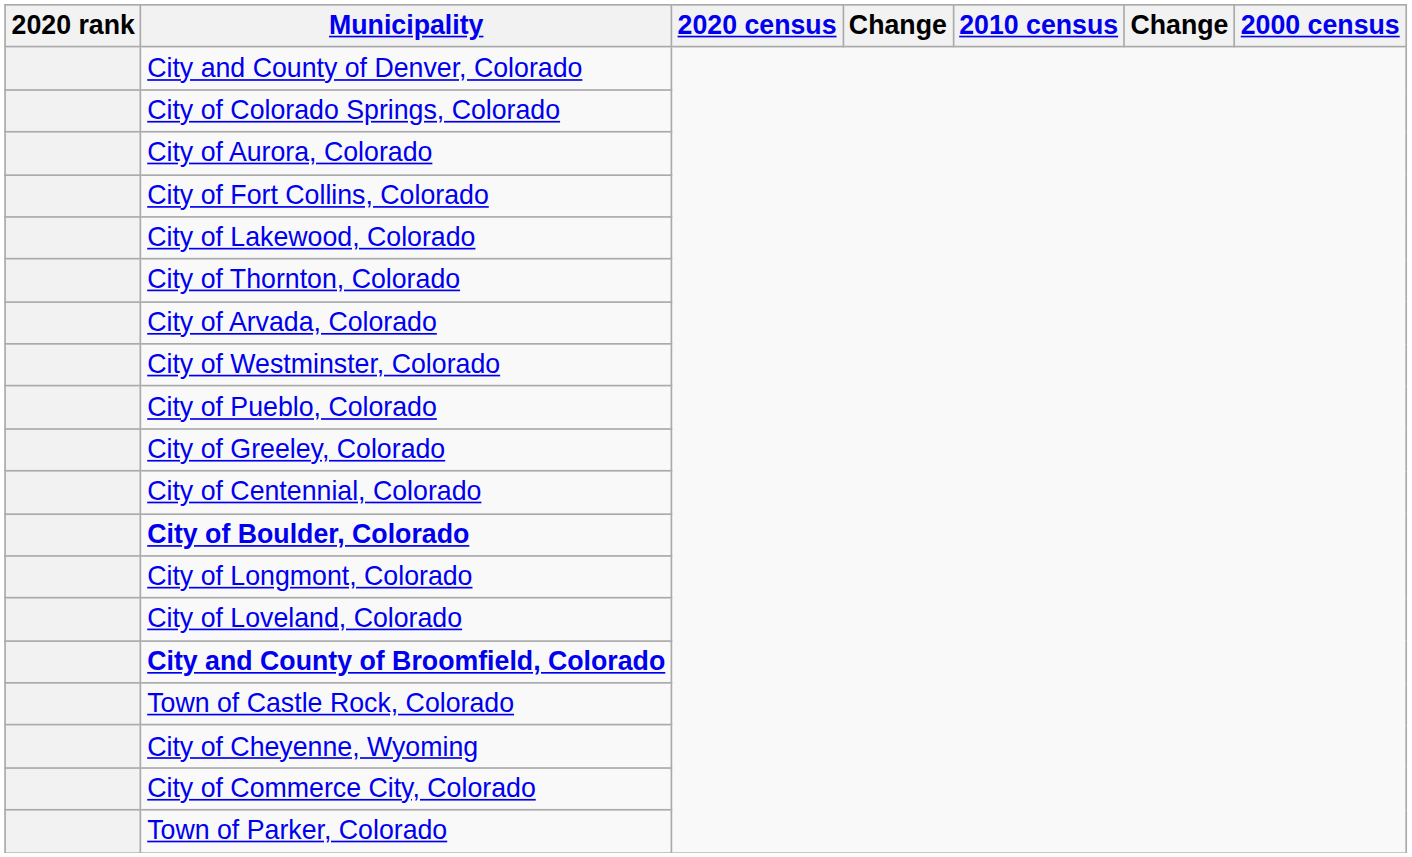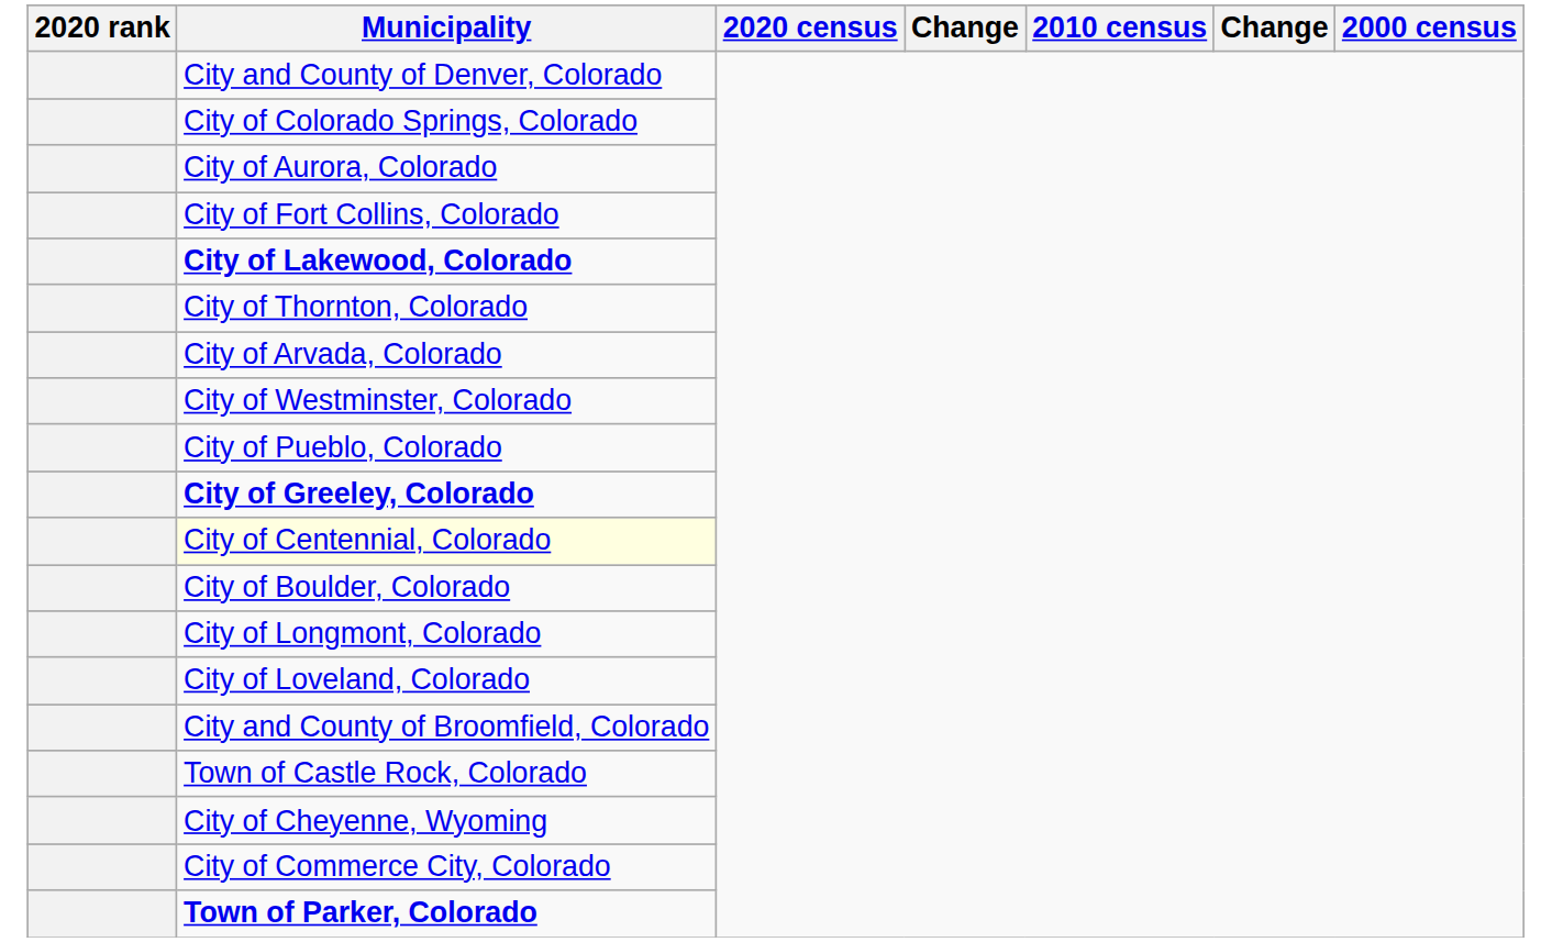 <table class="wikitable sortable" style="margin: 1em auto;">
 <tr>
 <th scope=col>2020 rank</th>
 <th scope=col><a href='#'>Municipality</a></th>
 <th scope=col><a href='#'>2020 census</a></th>
 <th scope=col>Change</th>
 <th scope=col><a href='#'>2010 census</a></th>
 <th scope=col>Change</th>
 <th scope=col><a href='#'>2000 census</a></th>
 </tr>
 <tr>
 <th scope=row></th>
 <td data-sort-value=DEN><a href='#'>City and County of Denver, Colorado</a><br></td>
 </tr>
 <tr>
 <th scope=row></th>
 <td data-sort-value=COL><a href='#'>City of Colorado Springs, Colorado</a><br></td>
 </tr>
 <tr>
 <th scope=row></th>
 <td data-sort-value=AUR><a href='#'>City of Aurora, Colorado</a><br></td>
 </tr>
 <tr>
 <th scope=row></th>
 <td data-sort-value=FOR><a href='#'>City of Fort Collins, Colorado</a><br></td>
 </tr>
 <tr>
 <th scope=row></th>
-<td data-sort-value=LAK><a href='#'>City of Lakewood, Colorado</a><br></td>
+<td data-sort-value=LAK><strong><a href='#'>City of Lakewood, Colorado</a><br></strong></td>
 </tr>
 <tr>
 <th scope=row></th>
 <td data-sort-value=THO><a href='#'>City of Thornton, Colorado</a><br></td>
 </tr>
 <tr>
 <th scope=row></th>
 <td data-sort-value=ARV><a href='#'>City of Arvada, Colorado</a><br></td>
 </tr>
 <tr>
 <th scope=row></th>
 <td data-sort-value=WES><a href='#'>City of Westminster, Colorado</a><br></td>
 </tr>
 <tr>
 <th scope=row></th>
 <td data-sort-value=PUE><a href='#'>City of Pueblo, Colorado</a><br></td>
 </tr>
 <tr>
 <th scope=row></th>
-<td data-sort-value=GRE><a href='#'>City of Greeley, Colorado</a><br></td>
+<td data-sort-value=GRE><strong><a href='#'>City of Greeley, Colorado</a><br></strong></td>
 </tr>
 <tr>
 <th scope=row></th>
-<td data-sort-value=CEN><a href='#'>City of Centennial, Colorado</a><br></td>
+<td data-sort-value=CEN style="background: lightyellow;"><a href='#'>City of Centennial, Colorado</a><br></td>
 </tr>
 <tr>
 <th scope=row></th>
-<td data-sort-value=BOU><strong><a href='#'>City of Boulder, Colorado</a><br></strong></td>
+<td data-sort-value=BOU><a href='#'>City of Boulder, Colorado</a><br></td>
 </tr>
 <tr>
 <th scope=row></th>
 <td data-sort-value=LON><a href='#'>City of Longmont, Colorado</a><br></td>
 </tr>
 <tr>
 <th scope=row></th>
 <td data-sort-value=LOV><a href='#'>City of Loveland, Colorado</a><br></td>
 </tr>
 <tr>
 <th scope=row></th>
-<td data-sort-value=BRO><strong><a href='#'>City and County of Broomfield, Colorado</a><br></strong></td>
+<td data-sort-value=BRO><a href='#'>City and County of Broomfield, Colorado</a><br></td>
 </tr>
 <tr>
 <th scope=row></th>
 <td data-sort-value=CAS><a href='#'>Town of Castle Rock, Colorado</a><br></td>
 </tr>
 <tr>
 <th scope=row></th>
 <td data-sort-value=CHE><a href='#'>City of Cheyenne, Wyoming</a><br></td>
 </tr>
 <tr>
 <th scope=row></th>
 <td data-sort-value=COM><a href='#'>City of Commerce City, Colorado</a><br></td>
 </tr>
 <tr>
 <th scope=row></th>
-<td data-sort-value=PAR><a href='#'>Town of Parker, Colorado</a><br></td>
+<td data-sort-value=PAR><strong><a href='#'>Town of Parker, Colorado</a><br></strong></td>
 </tr>
 </table>
